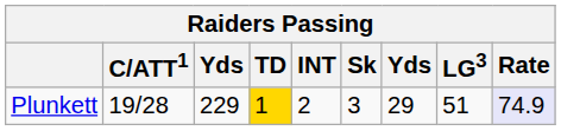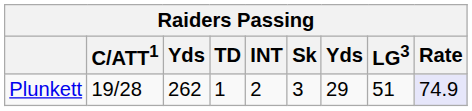 <table class="wikitable">
 <tr>
 <th colspan="9">Raiders Passing</th>
 </tr>
 <tr>
 <th></th>
 <th>C/ATT<sup>1</sup></th>
 <th>Yds</th>
 <th>TD</th>
 <th>INT</th>
 <th>Sk</th>
 <th>Yds</th>
 <th>LG<sup>3</sup></th>
 <th>Rate</th>
 </tr>
 <tr>
 <td><a href='#'>Plunkett</a></td>
 <td>19/28</td>
-<td>229</td>
-<td style="background: gold;">1</td>
+<td>262</td>
+<td>1</td>
 <td>2</td>
 <td>3</td>
 <td>29</td>
 <td>51</td>
 <td style="background: lavender;">74.9</td>
 </tr>
 </table>
